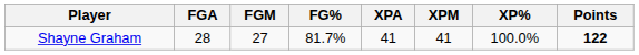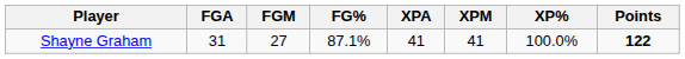 <table class="wikitable" style="text-align:center;" width="80%">
 <tr>
 <th>Player</th>
 <th>FGA</th>
 <th>FGM</th>
 <th>FG%</th>
 <th>XPA</th>
 <th>XPM</th>
 <th>XP%</th>
 <th>Points</th>
 </tr>
 <tr>
 <td><a href='#'>Shayne Graham</a></td>
-<td>28</td>
+<td>31</td>
 <td>27</td>
-<td>81.7%</td>
+<td>87.1%</td>
 <td>41</td>
 <td>41</td>
 <td>100.0%</td>
 <td><strong>122</strong></td>
 </tr>
 </table>
